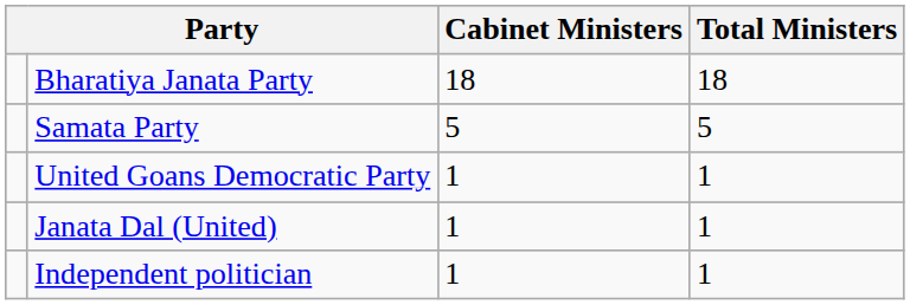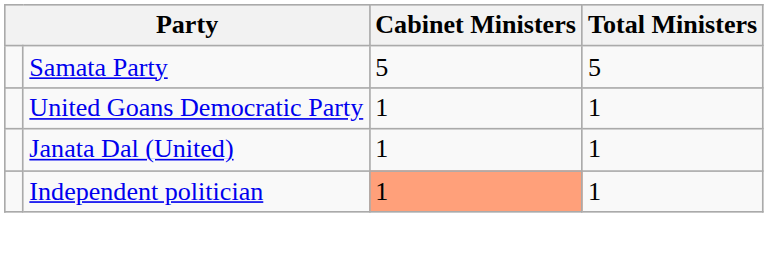 <table class="wikitable">
 <tr>
 <th colspan="2">Party</th>
 <th>Cabinet Ministers</th>
 <th>Total Ministers</th>
-</tr>
-<tr>
-<td width="4px"></td>
-<td><a href='#'>Bharatiya Janata Party</a></td>
-<td>18</td>
-<td>18</td>
 </tr>
 <tr>
 <td width="4px"></td>
 <td><a href='#'>Samata Party</a></td>
 <td>5</td>
 <td>5</td>
 </tr>
 <tr>
 <td width="4px"></td>
 <td><a href='#'>United Goans Democratic Party</a></td>
 <td>1</td>
 <td>1</td>
 </tr>
 <tr>
 <td width="4px"></td>
 <td><a href='#'>Janata Dal (United)</a></td>
 <td>1</td>
 <td>1</td>
 </tr>
 <tr>
 <td width="4px"></td>
 <td><a href='#'>Independent politician</a></td>
-<td>1</td>
+<td style="background: lightsalmon;">1</td>
 <td>1</td>
 </tr>
 </table>
